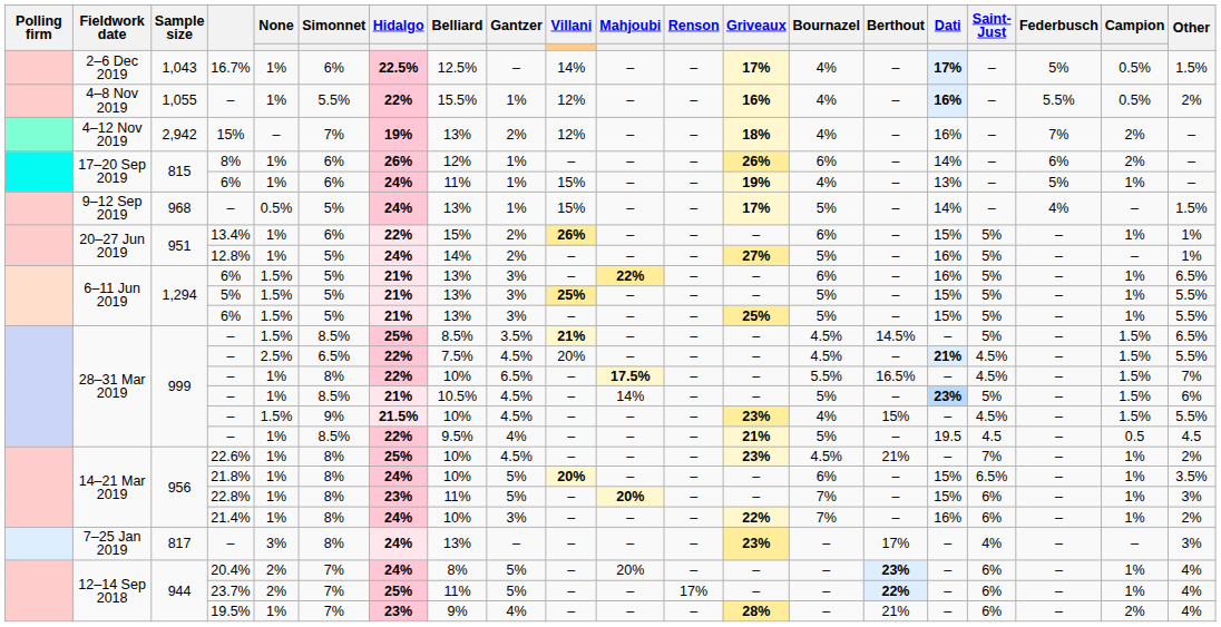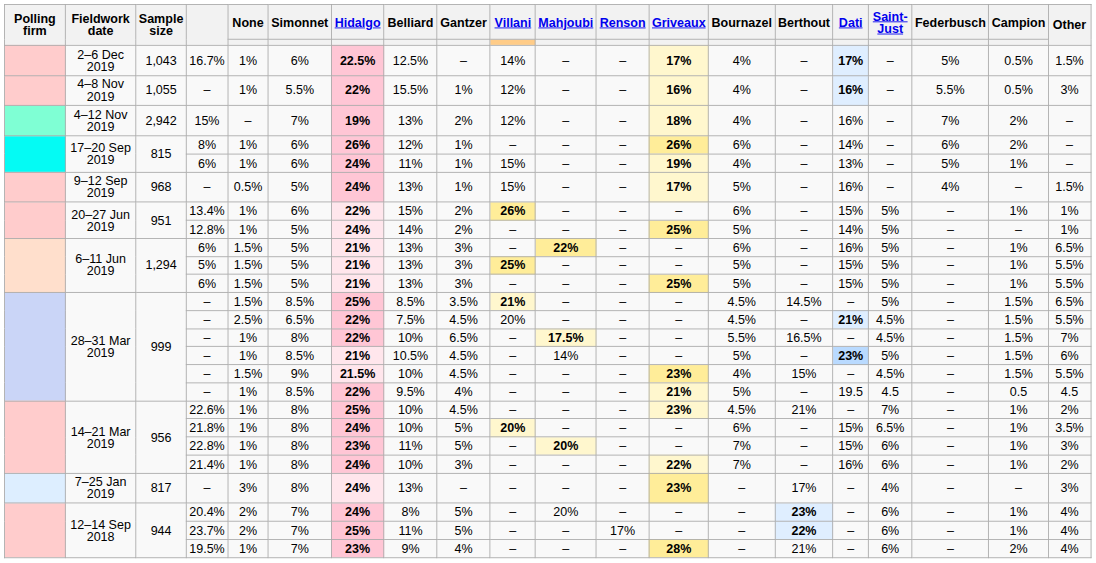 <table class="wikitable sortable" style="text-align:center;font-size:90%;line-height:14px;">
 <tr style="height:40px;">
 <th style="width:140px;" rowspan="2">Polling firm</th>
 <th style="width:110px;" rowspan="2">Fieldwork date</th>
 <th style="width:35px;" rowspan="2">Sample<br>size</th>
 <th style="width:30px;" rowspan="2"></th>
 <th class="unsortable" style="width:60px;">None<br></th>
 <th class="unsortable" style="width:60px;">Simonnet<br></th>
 <th class="unsortable" style="width:60px;"><a href='#'>Hidalgo</a><br></th>
 <th class="unsortable" style="width:60px;">Belliard<br></th>
 <th class="unsortable" style="width:60px;">Gantzer<br></th>
 <th class="unsortable" style="width:60px;"><a href='#'>Villani</a><br></th>
 <th class="unsortable" style="width:60px;"><a href='#'>Mahjoubi</a><br></th>
 <th class="unsortable" style="width:60px;"><a href='#'>Renson</a><br></th>
 <th class="unsortable" style="width:60px;"><a href='#'>Griveaux</a><br></th>
 <th class="unsortable" style="width:60px;">Bournazel<br></th>
 <th class="unsortable" style="width:60px;">Berthout<br></th>
 <th class="unsortable" style="width:60px;"><a href='#'>Dati</a><br></th>
 <th class="unsortable" style="width:60px;"><a href='#'>Saint-Just</a><br></th>
 <th class="unsortable" style="width:60px;">Federbusch<br></th>
 <th class="unsortable" style="width:60px;">Campion<br></th>
 <th class="unsortable" style="width:60px;" rowspan="2">Other</th>
 </tr>
 <tr>
 <th style="background:"></th>
 <th style="background:"></th>
 <th style="background:"></th>
 <th style="background:"></th>
 <th style="background:"></th>
 <th style="background:#ffcc88;"></th>
 <th style="background:"></th>
 <th style="background:"></th>
 <th style="background:"></th>
 <th style="background:"></th>
 <th style="background:"></th>
 <th style="background:"></th>
 <th style="background:"></th>
 <th style="background:"></th>
 <th style="background:"></th>
 </tr>
 <tr>
 <td style="background:#FFCCCC;"></td>
 <td>2–6 Dec 2019</td>
 <td>1,043</td>
 <td>16.7%</td>
 <td>1%</td>
 <td>6%</td>
 <td style="background:#FFC6D5;"><strong>22.5%</strong></td>
 <td>12.5%</td>
 <td>–</td>
 <td>14%</td>
 <td>–</td>
 <td>–</td>
 <td style="background:#FFF7CE;"><strong>17%</strong></td>
 <td>4%</td>
 <td>–</td>
 <td style="background:#DFEEFF;"><strong>17%</strong></td>
 <td>–</td>
 <td>5%</td>
 <td>0.5%</td>
 <td>1.5%</td>
 </tr>
 <tr>
 <td style="background:#FFCCCC;"></td>
 <td>4–8 Nov 2019</td>
 <td>1,055</td>
 <td>–</td>
 <td>1%</td>
 <td>5.5%</td>
 <td style="background:#FFC6D5;"><strong>22%</strong></td>
 <td>15.5%</td>
 <td>1%</td>
 <td>12%</td>
 <td>–</td>
 <td>–</td>
 <td style="background:#FFF7CE;"><strong>16%</strong></td>
 <td>4%</td>
 <td>–</td>
 <td style="background:#DFEEFF;"><strong>16%</strong></td>
 <td>–</td>
 <td>5.5%</td>
 <td>0.5%</td>
-<td>2%</td>
+<td>3%</td>
 </tr>
 <tr>
 <td style="background:aquamarine;"></td>
 <td>4–12 Nov 2019</td>
 <td>2,942</td>
 <td>15%</td>
 <td>–</td>
 <td>7%</td>
 <td style="background:#FFC6D5;"><strong>19%</strong></td>
 <td>13%</td>
 <td>2%</td>
 <td>12%</td>
 <td>–</td>
 <td>–</td>
 <td style="background:#FFF7CE;"><strong>18%</strong></td>
 <td>4%</td>
 <td>–</td>
 <td>16%</td>
 <td>–</td>
 <td>7%</td>
 <td>2%</td>
 <td>–</td>
 </tr>
 <tr>
 <td rowspan="2" style="background:#04FBF4;"></td>
 <td rowspan="2">17–20 Sep 2019</td>
 <td rowspan="2">815</td>
 <td>8%</td>
 <td>1%</td>
 <td>6%</td>
 <td style="background:#FFC6D5;"><strong>26%</strong></td>
 <td>12%</td>
 <td>1%</td>
 <td>–</td>
 <td>–</td>
 <td>–</td>
 <td style="background:#FFED99;"><strong>26%</strong></td>
 <td>6%</td>
 <td>–</td>
 <td>14%</td>
 <td>–</td>
 <td>6%</td>
 <td>2%</td>
 <td>–</td>
 </tr>
 <tr>
 <td>6%</td>
 <td>1%</td>
 <td>6%</td>
 <td style="background:#FFC6D5;"><strong>24%</strong></td>
 <td>11%</td>
 <td>1%</td>
 <td>15%</td>
 <td>–</td>
 <td>–</td>
 <td style="background:#FFF7CE;"><strong>19%</strong></td>
 <td>4%</td>
 <td>–</td>
 <td>13%</td>
 <td>–</td>
 <td>5%</td>
 <td>1%</td>
 <td>–</td>
 </tr>
 <tr>
 <td style="background:#FFCCCC;"></td>
 <td>9–12 Sep 2019</td>
 <td>968</td>
 <td>–</td>
 <td>0.5%</td>
 <td>5%</td>
 <td style="background:#FFC6D5;"><strong>24%</strong></td>
 <td>13%</td>
 <td>1%</td>
 <td>15%</td>
 <td>–</td>
 <td>–</td>
 <td style="background:#FFF7CE;"><strong>17%</strong></td>
 <td>5%</td>
 <td>–</td>
-<td>14%</td>
+<td>16%</td>
 <td>–</td>
 <td>4%</td>
 <td>–</td>
 <td>1.5%</td>
 </tr>
 <tr>
 <td rowspan="2" style="background:#FFCCCC;"></td>
 <td rowspan="2">20–27 Jun 2019</td>
 <td rowspan="2">951</td>
 <td>13.4%</td>
 <td>1%</td>
 <td>6%</td>
 <td style="background:#FFE6EC;"><strong>22%</strong></td>
 <td>15%</td>
 <td>2%</td>
 <td style="background:#FFED99;"><strong>26%</strong></td>
 <td>–</td>
 <td>–</td>
 <td>–</td>
 <td>6%</td>
 <td>–</td>
 <td>15%</td>
 <td>5%</td>
 <td>–</td>
 <td>1%</td>
 <td>1%</td>
 </tr>
 <tr>
 <td>12.8%</td>
 <td>1%</td>
 <td>5%</td>
 <td style="background:#FFE6EC;"><strong>24%</strong></td>
 <td>14%</td>
 <td>2%</td>
 <td>–</td>
 <td>–</td>
 <td>–</td>
-<td style="background:#FFED99;"><strong>27%</strong></td>
+<td style="background:#FFED99;"><strong>25%</strong></td>
 <td>5%</td>
 <td>–</td>
-<td>16%</td>
+<td>14%</td>
 <td>5%</td>
 <td>–</td>
 <td>–</td>
 <td>1%</td>
 </tr>
 <tr>
 <td rowspan="3" style="background:#FFDFCC;"></td>
 <td rowspan="3">6–11 Jun 2019</td>
 <td rowspan="3">1,294</td>
 <td>6%</td>
 <td>1.5%</td>
 <td>5%</td>
 <td style="background:#FFE6EC;"><strong>21%</strong></td>
 <td>13%</td>
 <td>3%</td>
 <td>–</td>
 <td style="background:#FFED99;"><strong>22%</strong></td>
 <td>–</td>
 <td>–</td>
 <td>6%</td>
 <td>–</td>
 <td>16%</td>
 <td>5%</td>
 <td>–</td>
 <td>1%</td>
 <td>6.5%</td>
 </tr>
 <tr>
 <td>5%</td>
 <td>1.5%</td>
 <td>5%</td>
 <td style="background:#FFE6EC;"><strong>21%</strong></td>
 <td>13%</td>
 <td>3%</td>
 <td style="background:#FFED99;"><strong>25%</strong></td>
 <td>–</td>
 <td>–</td>
 <td>–</td>
 <td>5%</td>
 <td>–</td>
 <td>15%</td>
 <td>5%</td>
 <td>–</td>
 <td>1%</td>
 <td>5.5%</td>
 </tr>
 <tr>
 <td>6%</td>
 <td>1.5%</td>
 <td>5%</td>
 <td style="background:#FFE6EC;"><strong>21%</strong></td>
 <td>13%</td>
 <td>3%</td>
 <td>–</td>
 <td>–</td>
 <td>–</td>
 <td style="background:#FFED99;"><strong>25%</strong></td>
 <td>5%</td>
 <td>–</td>
 <td>15%</td>
 <td>5%</td>
 <td>–</td>
 <td>1%</td>
 <td>5.5%</td>
 </tr>
 <tr>
 <td rowspan="6" style="background:#CAD5F7;"></td>
 <td rowspan="6">28–31 Mar 2019</td>
 <td rowspan="6">999</td>
 <td>–</td>
 <td>1.5%</td>
 <td>8.5%</td>
 <td style="background:#FFC6D5;"><strong>25%</strong></td>
 <td>8.5%</td>
 <td>3.5%</td>
 <td style="background:#FFF7CE;"><strong>21%</strong></td>
 <td>–</td>
 <td>–</td>
 <td>–</td>
 <td>4.5%</td>
 <td>14.5%</td>
 <td>–</td>
 <td>5%</td>
 <td>–</td>
 <td>1.5%</td>
 <td>6.5%</td>
 </tr>
 <tr>
 <td>–</td>
 <td>2.5%</td>
 <td>6.5%</td>
 <td style="background:#FFC6D5;"><strong>22%</strong></td>
 <td>7.5%</td>
 <td>4.5%</td>
 <td>20%</td>
 <td>–</td>
 <td>–</td>
 <td>–</td>
 <td>4.5%</td>
 <td>–</td>
 <td style="background:#DFEEFF;"><strong>21%</strong></td>
 <td>4.5%</td>
 <td>–</td>
 <td>1.5%</td>
 <td>5.5%</td>
 </tr>
 <tr>
 <td>–</td>
 <td>1%</td>
 <td>8%</td>
 <td style="background:#FFC6D5;"><strong>22%</strong></td>
 <td>10%</td>
 <td>6.5%</td>
 <td>–</td>
 <td style="background:#FFF7CE;"><strong>17.5%</strong></td>
 <td>–</td>
 <td>–</td>
 <td>5.5%</td>
 <td>16.5%</td>
 <td>–</td>
 <td>4.5%</td>
 <td>–</td>
 <td>1.5%</td>
 <td>7%</td>
 </tr>
 <tr>
 <td>–</td>
 <td>1%</td>
 <td>8.5%</td>
 <td style="background:#FFE6EC;"><strong>21%</strong></td>
 <td>10.5%</td>
 <td>4.5%</td>
 <td>–</td>
 <td>14%</td>
 <td>–</td>
 <td>–</td>
 <td>5%</td>
 <td>–</td>
 <td style="background:#B9DAFF;"><strong>23%</strong></td>
 <td>5%</td>
 <td>–</td>
 <td>1.5%</td>
 <td>6%</td>
 </tr>
 <tr>
 <td>–</td>
 <td>1.5%</td>
 <td>9%</td>
 <td style="background:#FFE6EC;"><strong>21.5%</strong></td>
 <td>10%</td>
 <td>4.5%</td>
 <td>–</td>
 <td>–</td>
 <td>–</td>
 <td style="background:#FFED99;"><strong>23%</strong></td>
 <td>4%</td>
 <td>15%</td>
 <td>–</td>
 <td>4.5%</td>
 <td>–</td>
 <td>1.5%</td>
 <td>5.5%</td>
 </tr>
 <tr>
 <td>–</td>
 <td>1%</td>
 <td>8.5%</td>
 <td style="background:#FFC6D5;"><strong>22%</strong></td>
 <td>9.5%</td>
 <td>4%</td>
 <td>–</td>
 <td>–</td>
 <td>–</td>
 <td style="background:#FFF7CE;"><strong>21%</strong></td>
 <td>5%</td>
 <td>–</td>
 <td>19.5</td>
 <td>4.5</td>
 <td>–</td>
 <td>0.5</td>
 <td>4.5</td>
 </tr>
 <tr>
 <td rowspan="4" style="background:#FFCCCC;"></td>
 <td rowspan="4">14–21 Mar 2019</td>
 <td rowspan="4">956</td>
 <td>22.6%</td>
 <td>1%</td>
 <td>8%</td>
 <td style="background:#FFC6D5;"><strong>25%</strong></td>
 <td>10%</td>
 <td>4.5%</td>
 <td>–</td>
 <td>–</td>
 <td>–</td>
 <td style="background:#FFF7CE;"><strong>23%</strong></td>
 <td>4.5%</td>
 <td>21%</td>
 <td>–</td>
 <td>7%</td>
 <td>–</td>
 <td>1%</td>
 <td>2%</td>
 </tr>
 <tr>
 <td>21.8%</td>
 <td>1%</td>
 <td>8%</td>
 <td style="background:#FFC6D5;"><strong>24%</strong></td>
 <td>10%</td>
 <td>5%</td>
 <td style="background:#FFF7CE;"><strong>20%</strong></td>
 <td>–</td>
 <td>–</td>
 <td>–</td>
 <td>6%</td>
 <td>–</td>
 <td>15%</td>
 <td>6.5%</td>
 <td>–</td>
 <td>1%</td>
 <td>3.5%</td>
 </tr>
 <tr>
 <td>22.8%</td>
 <td>1%</td>
 <td>8%</td>
 <td style="background:#FFC6D5;"><strong>23%</strong></td>
 <td>11%</td>
 <td>5%</td>
 <td>–</td>
 <td style="background:#FFF7CE;"><strong>20%</strong></td>
 <td>–</td>
 <td>–</td>
 <td>7%</td>
 <td>–</td>
 <td>15%</td>
 <td>6%</td>
 <td>–</td>
 <td>1%</td>
 <td>3%</td>
 </tr>
 <tr>
 <td>21.4%</td>
 <td>1%</td>
 <td>8%</td>
 <td style="background:#FFC6D5;"><strong>24%</strong></td>
 <td>10%</td>
 <td>3%</td>
 <td>–</td>
 <td>–</td>
 <td>–</td>
 <td style="background:#FFF7CE;"><strong>22%</strong></td>
 <td>7%</td>
 <td>–</td>
 <td>16%</td>
 <td>6%</td>
 <td>–</td>
 <td>1%</td>
 <td>2%</td>
 </tr>
 <tr>
 <td style="background:#DDEEFF;"></td>
 <td>7–25 Jan 2019</td>
 <td>817</td>
 <td>–</td>
 <td>3%</td>
 <td>8%</td>
 <td style="background:#FFE6EC;"><strong>24%</strong></td>
 <td>13%</td>
 <td>–</td>
 <td>–</td>
 <td>–</td>
 <td>–</td>
 <td style="background:#FFED99;"><strong>23%</strong></td>
 <td>–</td>
 <td>17%</td>
 <td>–</td>
 <td>4%</td>
 <td>–</td>
 <td>–</td>
 <td>3%</td>
 </tr>
 <tr>
 <td rowspan="3" style="background:#FFCCCC;"></td>
 <td rowspan="3">12–14 Sep 2018</td>
 <td rowspan="3">944</td>
 <td>20.4%</td>
 <td>2%</td>
 <td>7%</td>
 <td style="background:#FFC6D5;"><strong>24%</strong></td>
 <td>8%</td>
 <td>5%</td>
 <td>–</td>
 <td>20%</td>
 <td>–</td>
 <td>–</td>
 <td>–</td>
 <td style="background:#DFEEFF;"><strong>23%</strong></td>
 <td>–</td>
 <td>6%</td>
 <td>–</td>
 <td>1%</td>
 <td>4%</td>
 </tr>
 <tr>
 <td>23.7%</td>
 <td>2%</td>
 <td>7%</td>
 <td style="background:#FFC6D5;"><strong>25%</strong></td>
 <td>11%</td>
 <td>5%</td>
 <td>–</td>
 <td>–</td>
 <td>17%</td>
 <td>–</td>
 <td>–</td>
 <td style="background:#DFEEFF;"><strong>22%</strong></td>
 <td>–</td>
 <td>6%</td>
 <td>–</td>
 <td>1%</td>
 <td>4%</td>
 </tr>
 <tr>
 <td>19.5%</td>
 <td>1%</td>
 <td>7%</td>
 <td style="background:#FFC6D5;"><strong>23%</strong></td>
 <td>9%</td>
 <td>4%</td>
 <td>–</td>
 <td>–</td>
 <td>–</td>
 <td style="background:#FFED99;"><strong>28%</strong></td>
 <td>–</td>
 <td>21%</td>
 <td>–</td>
 <td>6%</td>
 <td>–</td>
 <td>2%</td>
 <td>4%</td>
 </tr>
 </table>
